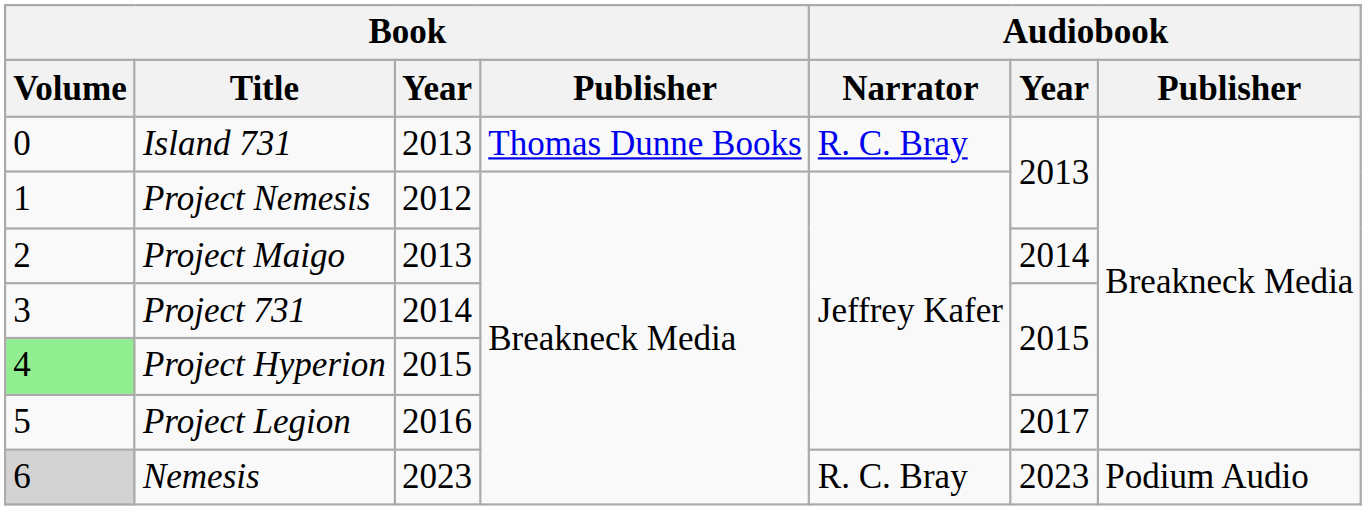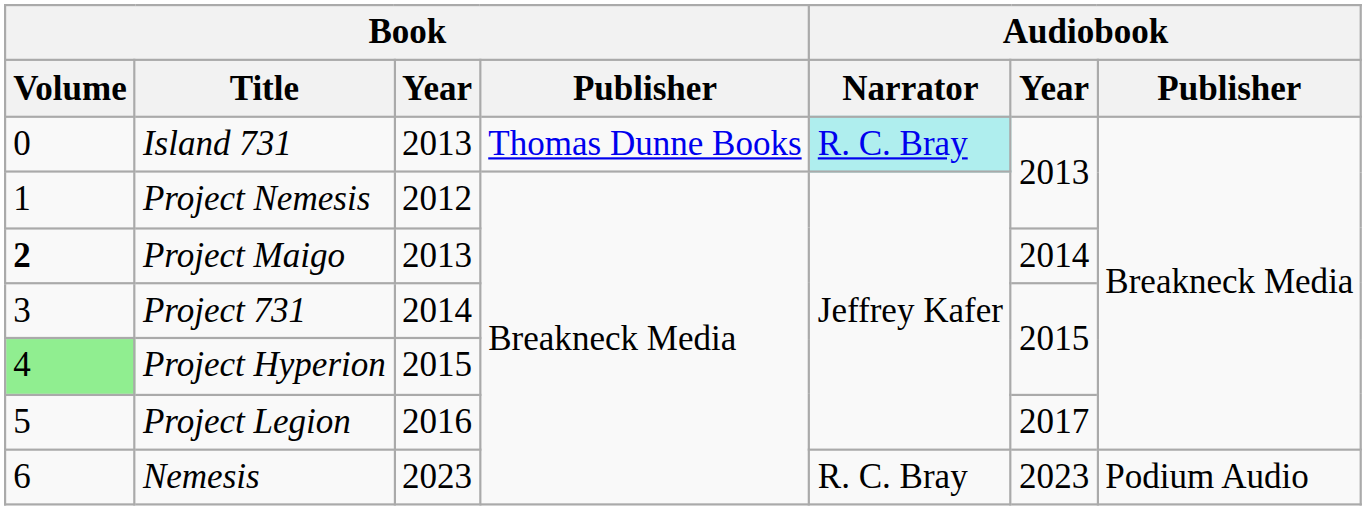 <table class="wikitable">
 <tr>
 <th colspan="4">Book</th>
 <th colspan="3">Audiobook</th>
 </tr>
 <tr>
 <th>Volume</th>
 <th>Title</th>
 <th>Year</th>
 <th>Publisher</th>
 <th>Narrator</th>
 <th>Year</th>
 <th>Publisher</th>
 </tr>
 <tr>
 <td>0</td>
 <td><em>Island 731</em></td>
 <td>2013</td>
 <td><a href='#'>Thomas Dunne Books</a></td>
-<td><a href='#'>R. C. Bray</a></td>
+<td style="background: paleturquoise;"><a href='#'>R. C. Bray</a></td>
 <td rowspan="2">2013</td>
 <td rowspan="6">Breakneck Media</td>
 </tr>
 <tr>
 <td>1</td>
 <td><em>Project Nemesis</em></td>
 <td>2012</td>
 <td rowspan="6">Breakneck Media</td>
 <td rowspan="5">Jeffrey Kafer</td>
 </tr>
 <tr>
-<td>2</td>
+<td><strong>2</strong></td>
 <td><em>Project Maigo</em></td>
 <td>2013</td>
 <td>2014</td>
 </tr>
 <tr>
 <td>3</td>
 <td><em>Project 731</em></td>
 <td>2014</td>
 <td rowspan="2">2015</td>
 </tr>
 <tr>
 <td style="background: lightgreen;">4</td>
 <td><em>Project Hyperion</em></td>
 <td>2015</td>
 </tr>
 <tr>
 <td>5</td>
 <td><em>Project Legion</em></td>
 <td>2016</td>
 <td>2017</td>
 </tr>
 <tr>
-<td style="background: lightgrey;">6</td>
+<td>6</td>
 <td><em>Nemesis</em></td>
 <td>2023</td>
 <td>R. C. Bray</td>
 <td>2023</td>
 <td>Podium Audio</td>
 </tr>
 </table>
